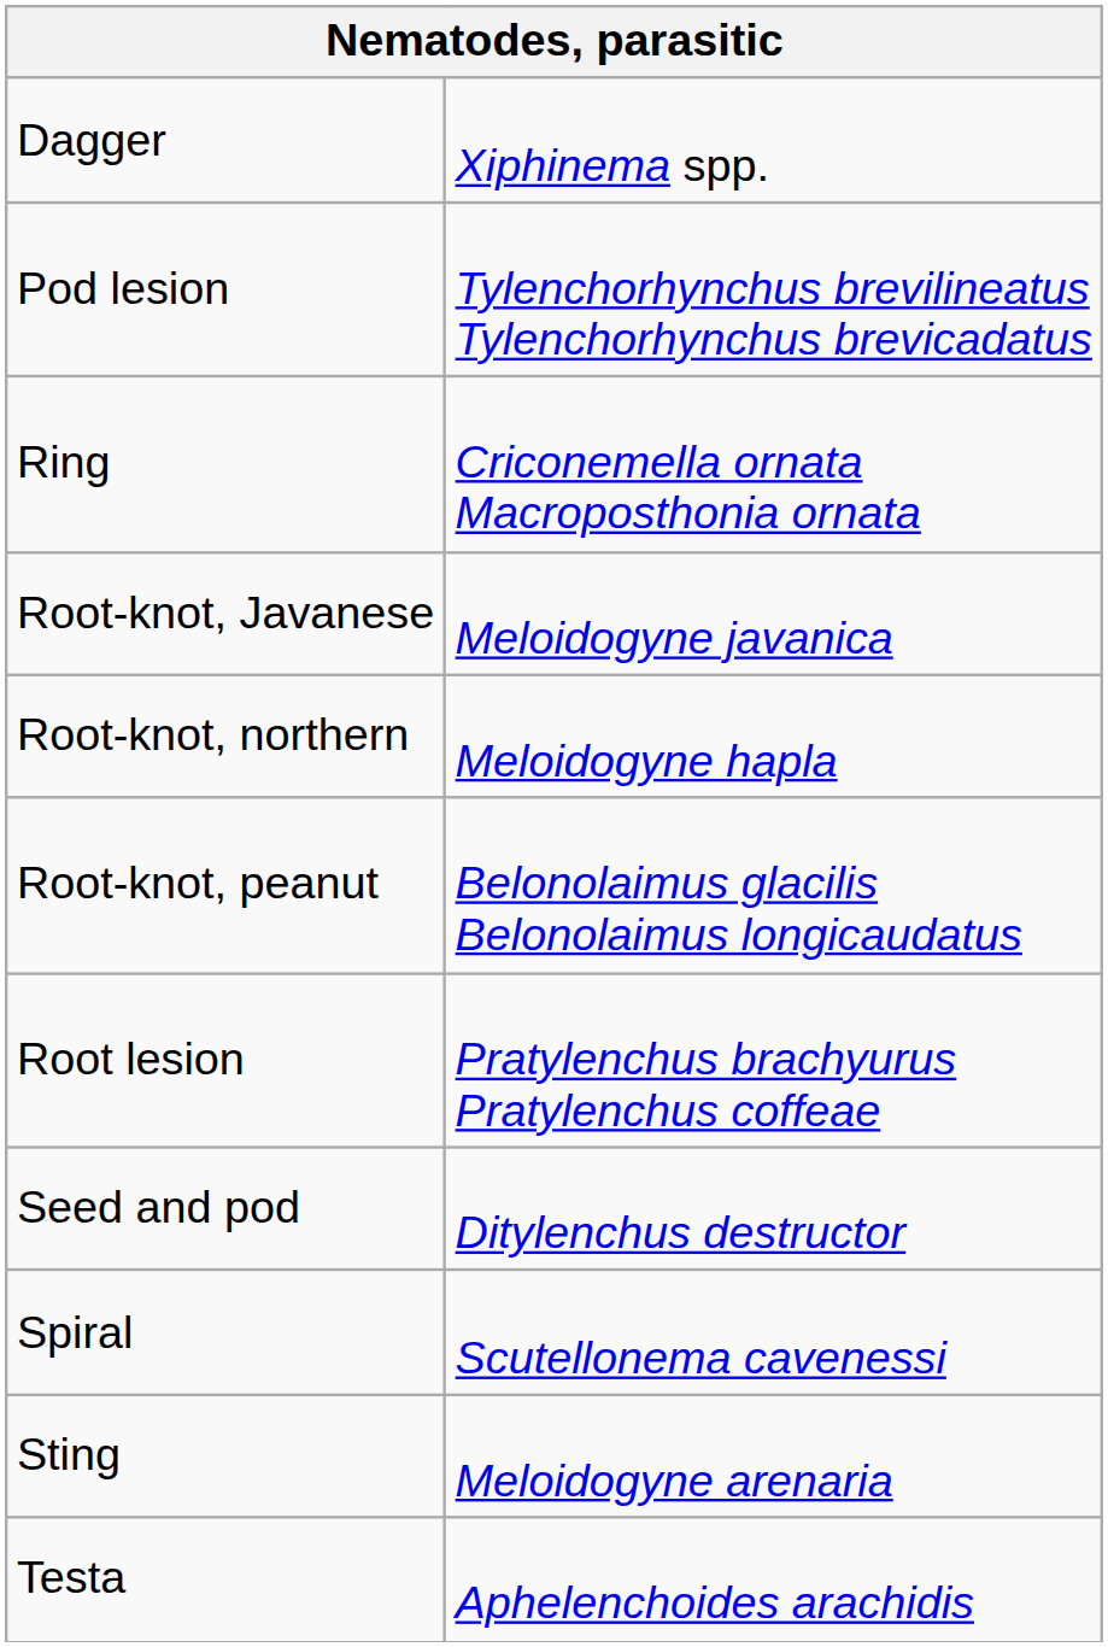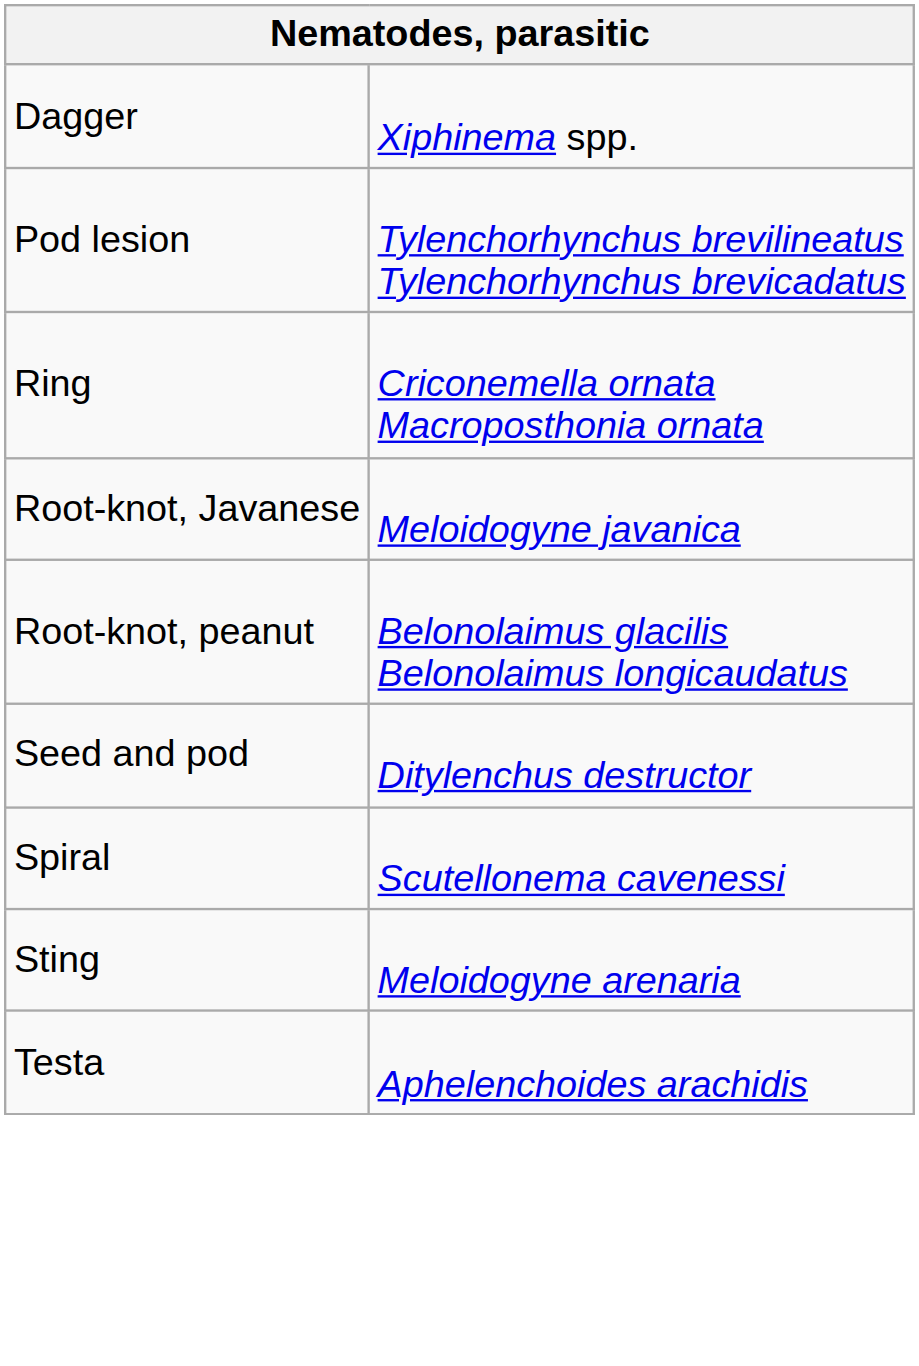 <table class="wikitable" style="clear">
 <tr>
 <th colspan=2><strong>Nematodes, parasitic</strong><br></th>
 </tr>
 <tr>
 <td>Dagger</td>
 <td><br><em><a href='#'>Xiphinema</a></em> spp.</td>
 </tr>
 <tr>
 <td>Pod lesion</td>
 <td><br><em><a href='#'>Tylenchorhynchus brevilineatus</a></em> <br>  <em><a href='#'>Tylenchorhynchus brevicadatus</a></em></td>
 </tr>
 <tr>
 <td>Ring</td>
 <td><br><em><a href='#'>Criconemella ornata</a></em> <br>  <em><a href='#'>Macroposthonia ornata</a></em></td>
 </tr>
 <tr>
 <td>Root-knot, Javanese</td>
 <td><br><em><a href='#'>Meloidogyne javanica</a></em></td>
 </tr>
 <tr>
-<td>Root-knot, northern</td>
-<td><br><em><a href='#'>Meloidogyne hapla</a></em></td>
-</tr>
-<tr>
 <td>Root-knot, peanut</td>
 <td><br><em><a href='#'>Belonolaimus glacilis</a></em><br> <em><a href='#'>Belonolaimus longicaudatus</a></em></td>
-</tr>
-<tr>
-<td>Root lesion</td>
-<td><br><em><a href='#'>Pratylenchus brachyurus</a></em><br> <em><a href='#'>Pratylenchus coffeae</a></em></td>
 </tr>
 <tr>
 <td>Seed and pod</td>
 <td><br><em><a href='#'>Ditylenchus destructor</a></em></td>
 </tr>
 <tr>
 <td>Spiral</td>
 <td><br><em><a href='#'>Scutellonema cavenessi</a></em></td>
 </tr>
 <tr>
 <td>Sting</td>
 <td><br><em><a href='#'>Meloidogyne arenaria</a></em></td>
 </tr>
 <tr>
 <td>Testa</td>
 <td><br><em><a href='#'>Aphelenchoides arachidis</a></em></td>
 </tr>
 <tr>
 </tr>
 </table>
